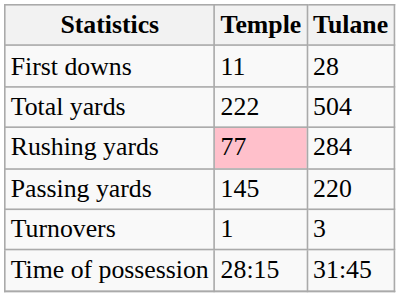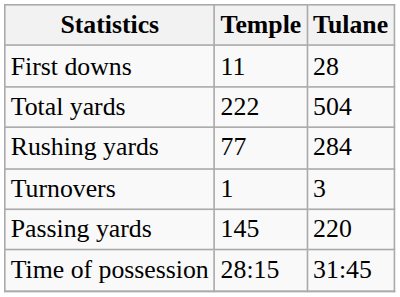 <table class="wikitable">
 <tr>
 <th>Statistics</th>
 <th>Temple</th>
 <th>Tulane</th>
 </tr>
 <tr>
 <td>First downs</td>
 <td>11</td>
 <td>28</td>
 </tr>
 <tr>
 <td>Total yards</td>
 <td>222</td>
 <td>504</td>
 </tr>
 <tr>
 <td>Rushing yards</td>
-<td style="background: pink;">77</td>
+<td>77</td>
 <td>284</td>
+</tr>
+<tr>
+<td>Turnovers</td>
+<td>1</td>
+<td>3</td>
 </tr>
 <tr>
 <td>Passing yards</td>
 <td>145</td>
 <td>220</td>
-</tr>
-<tr>
-<td>Turnovers</td>
-<td>1</td>
-<td>3</td>
 </tr>
 <tr>
 <td>Time of possession</td>
 <td>28:15</td>
 <td>31:45</td>
 </tr>
 <tr>
 </tr>
 </table>
